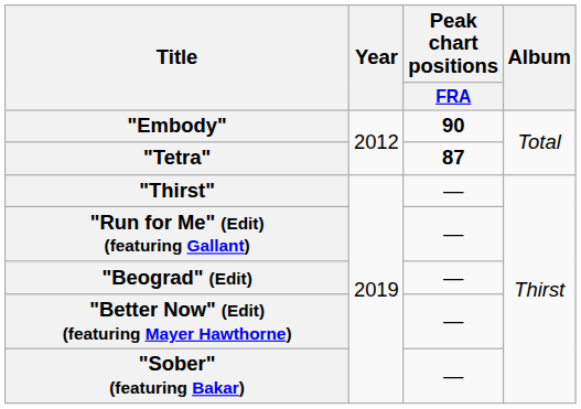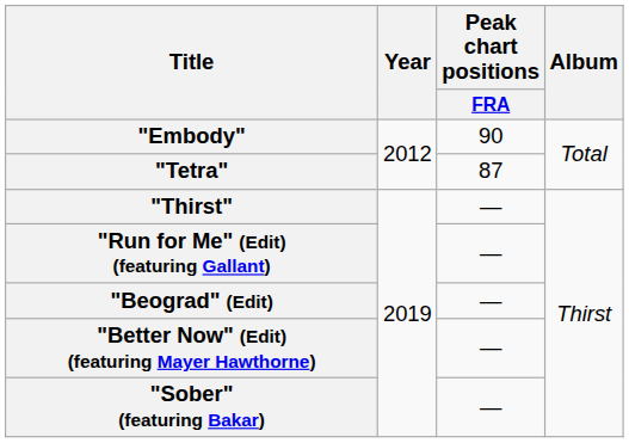 <table class="wikitable plainrowheaders" style="text-align:center;">
 <tr>
 <th scope="col" rowspan="2" style="width:16.5em;">Title</th>
 <th scope="col" rowspan="2">Year</th>
 <th scope="col">Peak chart positions</th>
 <th scope="col" rowspan="2">Album</th>
 </tr>
 <tr>
 <th style="width:4em;font-size:85%"><a href='#'>FRA</a><br></th>
 </tr>
 <tr>
 <th scope="row">"Embody"</th>
 <td rowspan="2">2012</td>
-<td><strong>90</strong></td>
+<td>90</td>
 <td align="center" rowspan="2"><em>Total</em></td>
 </tr>
 <tr>
 <th scope="row">"Tetra"</th>
-<td><strong>87</strong></td>
+<td>87</td>
 </tr>
 <tr>
 <th scope="row">"Thirst"</th>
 <td rowspan="5">2019</td>
 <td>—</td>
 <td rowspan="5"><em>Thirst</em></td>
 </tr>
 <tr>
 <th scope="row">"Run for Me" <small>(Edit)</small><br><small>(featuring <a href='#'>Gallant</a>)</small></th>
 <td>—</td>
 </tr>
 <tr>
 <th scope="row">"Beograd" <small>(Edit)</small></th>
 <td>—</td>
 </tr>
 <tr>
 <th scope="row">"Better Now" <small>(Edit)</small><br><small>(featuring <a href='#'>Mayer Hawthorne</a>)</small></th>
 <td>—</td>
 </tr>
 <tr>
 <th scope="row">"Sober" <br><small>(featuring <a href='#'>Bakar</a>)</small></th>
 <td>—</td>
 </tr>
 </table>
